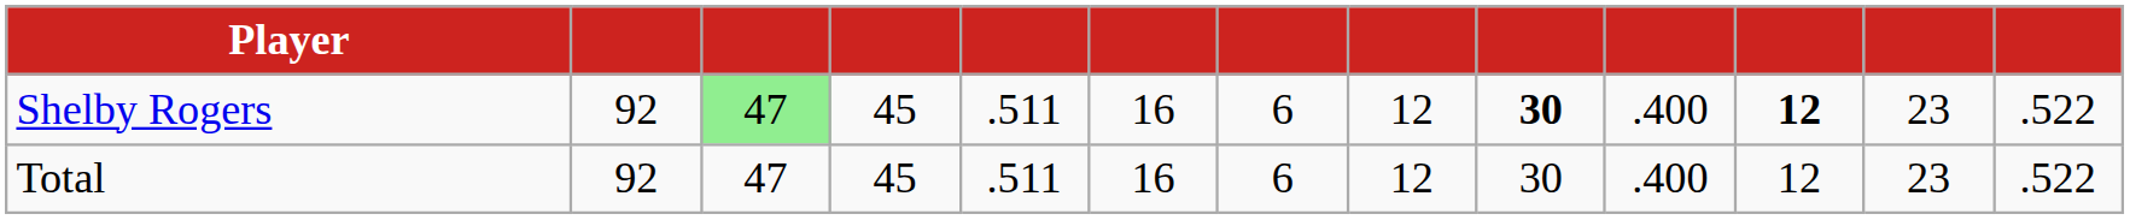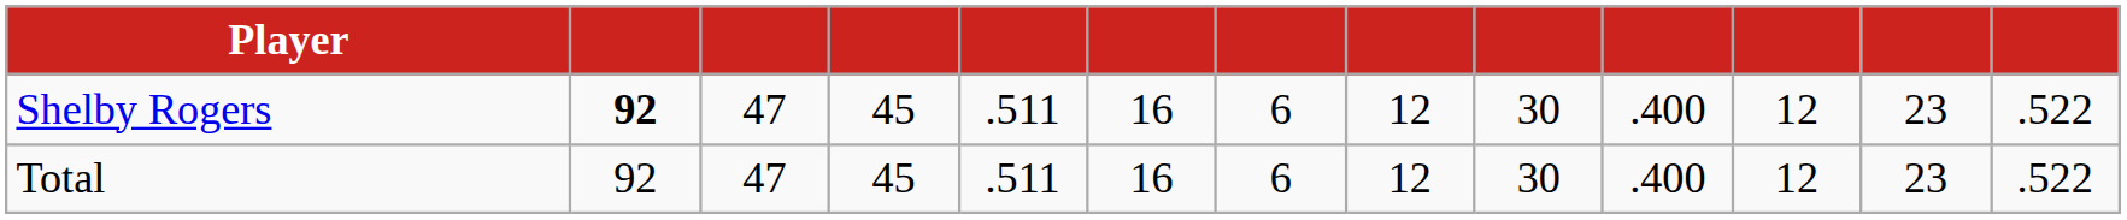 <table class="wikitable" style="text-align:center">
 <tr>
 <th style="background:#CD231F; color:white" width="200px">Player</th>
 <th style="background:#CD231F; color:white" width="40px"></th>
 <th style="background:#CD231F; color:white" width="40px"></th>
 <th style="background:#CD231F; color:white" width="40px"></th>
 <th style="background:#CD231F; color:white" width="40px"></th>
 <th style="background:#CD231F; color:white" width="40px"></th>
 <th style="background:#CD231F; color:white" width="40px"></th>
 <th style="background:#CD231F; color:white" width="40px"></th>
 <th style="background:#CD231F; color:white" width="40px"></th>
 <th style="background:#CD231F; color:white" width="40px"></th>
 <th style="background:#CD231F; color:white" width="40px"></th>
 <th style="background:#CD231F; color:white" width="40px"></th>
 <th style="background:#CD231F; color:white" width="40px"></th>
 </tr>
 <tr>
 <td style="text-align:left"><a href='#'>Shelby Rogers</a></td>
-<td>92</td>
-<td style="background: lightgreen;">47</td>
+<td><strong>92</strong></td>
+<td>47</td>
 <td>45</td>
 <td>.511</td>
 <td>16</td>
 <td>6</td>
 <td>12</td>
-<td><strong>30</strong></td>
+<td>30</td>
 <td>.400</td>
-<td><strong>12</strong></td>
+<td>12</td>
 <td>23</td>
 <td>.522</td>
 </tr>
 <tr>
 <td style="text-align:left">Total</td>
 <td>92</td>
 <td>47</td>
 <td>45</td>
 <td>.511</td>
 <td>16</td>
 <td>6</td>
 <td>12</td>
 <td>30</td>
 <td>.400</td>
 <td>12</td>
 <td>23</td>
 <td>.522</td>
 </tr>
 </table>
